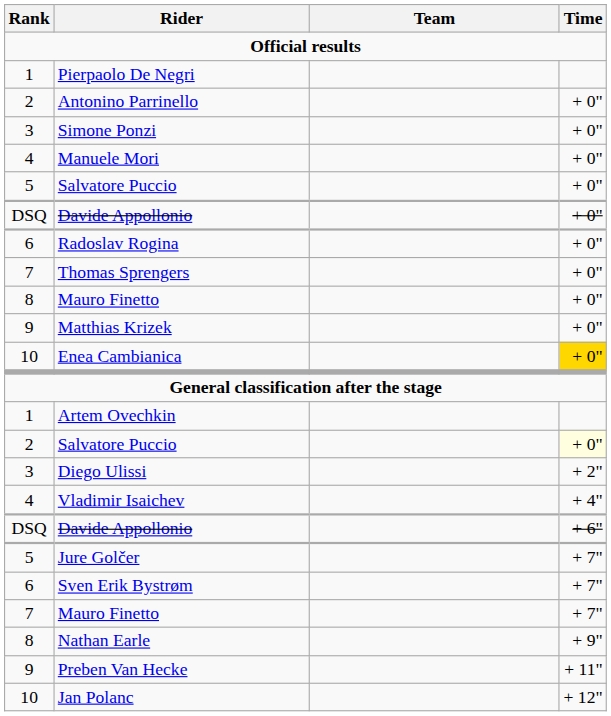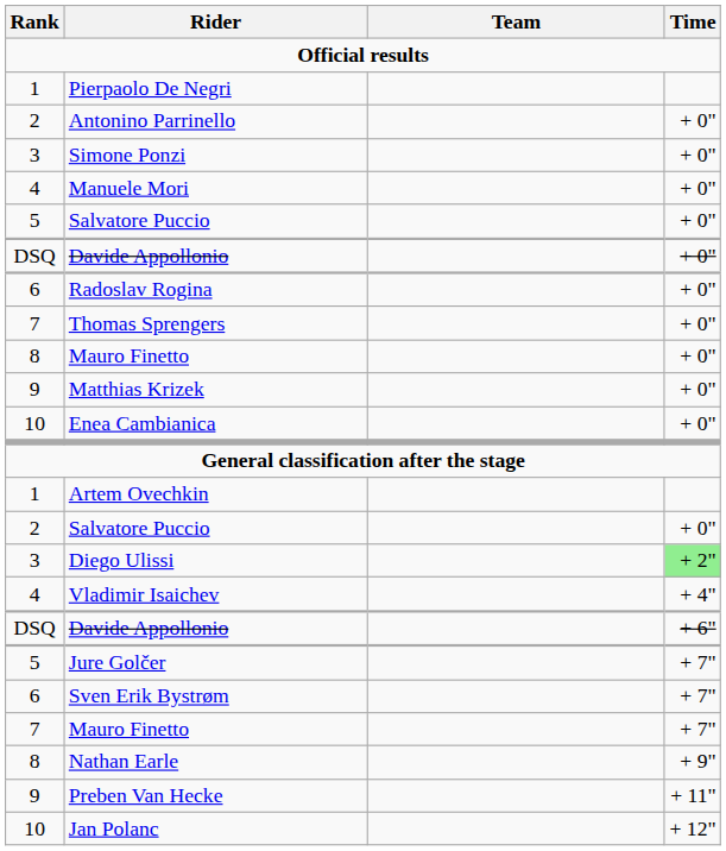 <table class="wikitable">
 <tr>
 <th>Rank</th>
 <th>Rider</th>
 <th>Team</th>
 <th>Time</th>
 </tr>
 <tr>
 <td align=center colspan=4><strong>Official results</strong></td>
 </tr>
 <tr>
 <td align=center>1</td>
 <td width=225> <a href='#'>Pierpaolo De Negri</a></td>
 <td width=220></td>
 <td style="text-align:right;"></td>
 </tr>
 <tr>
 <td align=center>2</td>
 <td> <a href='#'>Antonino Parrinello</a></td>
 <td></td>
 <td style="text-align:right;">+ 0"</td>
 </tr>
 <tr>
 <td align=center>3</td>
 <td> <a href='#'>Simone Ponzi</a></td>
 <td></td>
 <td style="text-align:right;">+ 0"</td>
 </tr>
 <tr>
 <td align=center>4</td>
 <td> <a href='#'>Manuele Mori</a></td>
 <td></td>
 <td style="text-align:right;">+ 0"</td>
 </tr>
 <tr>
 <td align=center>5</td>
 <td> <a href='#'>Salvatore Puccio</a></td>
 <td></td>
 <td style="text-align:right;">+ 0"</td>
 </tr>
 <tr>
 <td style="border-top-width:2px" align=center>DSQ</td>
 <td style="border-top-width:2px"><s> <a href='#'>Davide Appollonio</a></s></td>
 <td style="border-top-width:2px"><s></s></td>
 <td style="border-top-width:2px" align=right><s>+ 0"</s></td>
 </tr>
 <tr>
 <td style="border-top-width:2px" align=center>6</td>
 <td style="border-top-width:2px"> <a href='#'>Radoslav Rogina</a></td>
 <td style="border-top-width:2px"></td>
 <td style="border-top-width:2px" align=right>+ 0"</td>
 </tr>
 <tr>
 <td align=center>7</td>
 <td> <a href='#'>Thomas Sprengers</a></td>
 <td></td>
 <td style="text-align:right;">+ 0"</td>
 </tr>
 <tr>
 <td align=center>8</td>
 <td> <a href='#'>Mauro Finetto</a></td>
 <td></td>
 <td style="text-align:right;">+ 0"</td>
 </tr>
 <tr>
 <td align=center>9</td>
 <td> <a href='#'>Matthias Krizek</a></td>
 <td></td>
 <td style="text-align:right;">+ 0"</td>
 </tr>
 <tr>
 <td align=center>10</td>
 <td> <a href='#'>Enea Cambianica</a></td>
 <td></td>
-<td style="background: gold; text-align:right;">+ 0"</td>
+<td style="text-align:right;">+ 0"</td>
 </tr>
 <tr>
 <td style="border-top-width:5px" align=center colspan=4><strong>General classification after the stage</strong></td>
 </tr>
 <tr>
 <td align=center>1</td>
 <td> <a href='#'>Artem Ovechkin</a> </td>
 <td></td>
 <td style="text-align:right;"></td>
 </tr>
 <tr>
 <td align=center>2</td>
 <td> <a href='#'>Salvatore Puccio</a> </td>
 <td></td>
-<td style="background: lightyellow; text-align:right;">+ 0"</td>
+<td style="text-align:right;">+ 0"</td>
 </tr>
 <tr>
 <td align=center>3</td>
 <td> <a href='#'>Diego Ulissi</a></td>
 <td></td>
-<td style="text-align:right;">+ 2"</td>
+<td style="background: lightgreen; text-align:right;">+ 2"</td>
 </tr>
 <tr>
 <td align=center>4</td>
 <td> <a href='#'>Vladimir Isaichev</a></td>
 <td></td>
 <td style="text-align:right;">+ 4"</td>
 </tr>
 <tr>
 <td style="border-top-width:2px" align=center>DSQ</td>
 <td style="border-top-width:2px"><s> <a href='#'>Davide Appollonio</a></s></td>
 <td style="border-top-width:2px"><s></s></td>
 <td style="border-top-width:2px" align=right><s>+ 6"</s></td>
 </tr>
 <tr>
 <td style="border-top-width:2px" align=center>5</td>
 <td style="border-top-width:2px"> <a href='#'>Jure Golčer</a></td>
 <td style="border-top-width:2px"></td>
 <td style="border-top-width:2px" align=right>+ 7"</td>
 </tr>
 <tr>
 <td align=center>6</td>
 <td> <a href='#'>Sven Erik Bystrøm</a></td>
 <td></td>
 <td style="text-align:right;">+ 7"</td>
 </tr>
 <tr>
 <td align=center>7</td>
 <td> <a href='#'>Mauro Finetto</a> </td>
 <td></td>
 <td style="text-align:right;">+ 7"</td>
 </tr>
 <tr>
 <td align=center>8</td>
 <td> <a href='#'>Nathan Earle</a></td>
 <td></td>
 <td style="text-align:right;">+ 9"</td>
 </tr>
 <tr>
 <td align=center>9</td>
 <td> <a href='#'>Preben Van Hecke</a></td>
 <td></td>
 <td style="text-align:right;">+ 11"</td>
 </tr>
 <tr>
 <td align=center>10</td>
 <td> <a href='#'>Jan Polanc</a></td>
 <td></td>
 <td style="text-align:right;">+ 12"</td>
 </tr>
 </table>
